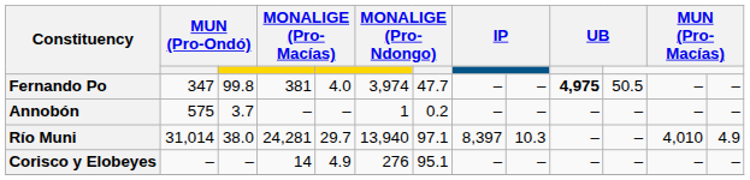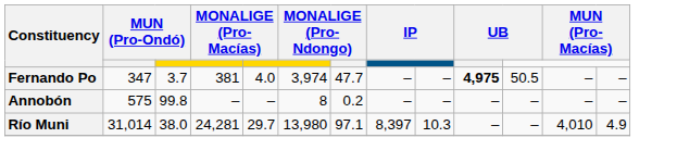 <table class=wikitable style=text-align:right>
 <tr>
 <th rowspan="2">Constituency</th>
 <th class="unsortable" style="width:90px;" colspan="2"><a href='#'>MUN<br>(Pro-Ondó)</a></th>
 <th class="unsortable" style="width:90px;" colspan="2"><a href='#'>MONALIGE (Pro-Macías)</a></th>
 <th class="unsortable" style="width:90px;" colspan="2"><a href='#'>MONALIGE (Pro-Ndongo)</a></th>
 <th class="unsortable" style="width:90px;" colspan="2"><a href='#'>IP</a></th>
 <th class="unsortable" style="width:90px;" colspan="2"><a href='#'>UB</a></th>
 <th class="unsortable" style="width:90px;" colspan="2"><a href='#'>MUN<br>(Pro-Macías)</a></th>
 </tr>
 <tr>
 <th style="background:"></th>
 <th style="background:#FFD700;" colspan="2"></th>
 <th style="background:#FFD700;" colspan="2"></th>
 <th style="background:"></th>
 <th style="background:#005488;" colspan="2"></th>
 <th style="background:"></th>
 </tr>
 <tr>
 <th style="text-align: left;">Fernando Po</th>
 <td>347</td>
-<td>99.8</td>
+<td>3.7</td>
 <td>381</td>
 <td>4.0</td>
 <td>3,974</td>
 <td>47.7</td>
 <td>–</td>
 <td>–</td>
 <td><strong>4,975</strong></td>
 <td>50.5</td>
 <td>–</td>
 <td>–</td>
 </tr>
 <tr>
 <th style="text-align: left;">Annobón</th>
 <td>575</td>
-<td>3.7</td>
+<td>99.8</td>
 <td>–</td>
 <td>–</td>
-<td>1</td>
+<td>8</td>
 <td>0.2</td>
 <td>–</td>
 <td>–</td>
 <td>–</td>
 <td>–</td>
 <td>–</td>
 <td>–</td>
 </tr>
 <tr>
 <th style="text-align: left;">Río Muni</th>
 <td>31,014</td>
 <td>38.0</td>
 <td>24,281</td>
 <td>29.7</td>
-<td>13,940</td>
+<td>13,980</td>
 <td>97.1</td>
 <td>8,397</td>
 <td>10.3</td>
 <td>–</td>
 <td>–</td>
 <td>4,010</td>
 <td>4.9</td>
 </tr>
 <tr>
-<th style="text-align: left;">Corisco y Elobeyes</th>
-<td>–</td>
-<td>–</td>
-<td>14</td>
-<td>4.9</td>
-<td>276</td>
-<td>95.1</td>
-<td>–</td>
-<td>–</td>
-<td>–</td>
-<td>–</td>
-<td>–</td>
-<td>–</td>
-</tr>
-<tr>
 </tr>
 </table>
